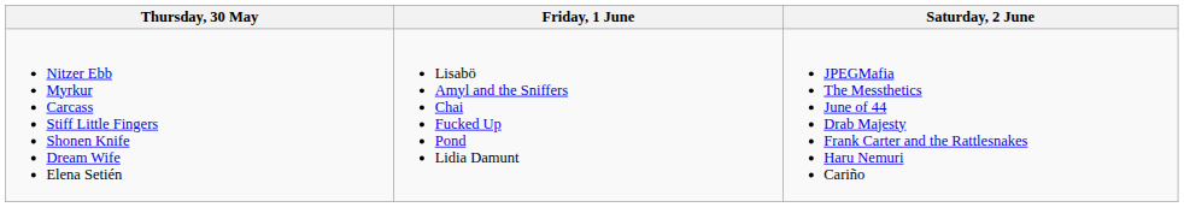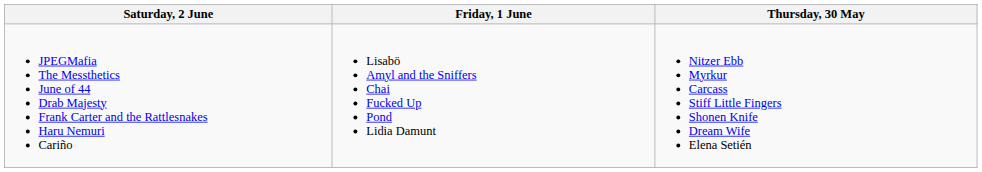 <table class="wikitable">
 <tr>
+<th width="500">Saturday, 2 June</th>
+<th width="500">Friday, 1 June</th>
 <th width="500">Thursday, 30 May</th>
-<th width="500">Friday, 1 June</th>
-<th width="500">Saturday, 2 June</th>
 </tr>
 <tr valign="top">
+<td><br><ul><li><a href='#'>JPEGMafia</a></li><li><a href='#'>The Messthetics</a></li><li><a href='#'>June of 44</a></li><li><a href='#'>Drab Majesty</a></li><li><a href='#'>Frank Carter and the Rattlesnakes</a></li><li><a href='#'>Haru Nemuri</a></li><li>Cariño</li></ul></td>
+<td><br><ul><li>Lisabö</li><li><a href='#'>Amyl and the Sniffers</a></li><li><a href='#'>Chai</a></li><li><a href='#'>Fucked Up</a></li><li><a href='#'>Pond</a></li><li>Lidia Damunt</li></ul></td>
 <td><br><ul><li><a href='#'>Nitzer Ebb</a></li><li><a href='#'>Myrkur</a></li><li><a href='#'>Carcass</a></li><li><a href='#'>Stiff Little Fingers</a></li><li><a href='#'>Shonen Knife</a></li><li><a href='#'>Dream Wife</a></li><li>Elena Setién</li></ul></td>
-<td><br><ul><li>Lisabö</li><li><a href='#'>Amyl and the Sniffers</a></li><li><a href='#'>Chai</a></li><li><a href='#'>Fucked Up</a></li><li><a href='#'>Pond</a></li><li>Lidia Damunt</li></ul></td>
-<td><br><ul><li><a href='#'>JPEGMafia</a></li><li><a href='#'>The Messthetics</a></li><li><a href='#'>June of 44</a></li><li><a href='#'>Drab Majesty</a></li><li><a href='#'>Frank Carter and the Rattlesnakes</a></li><li><a href='#'>Haru Nemuri</a></li><li>Cariño</li></ul></td>
 </tr>
 </table>
